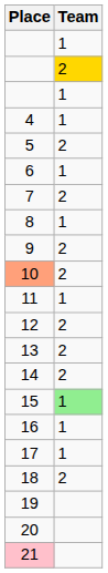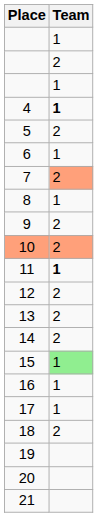 <table class="wikitable">
 <tr>
 <th>Place</th>
 <th>Team</th>
 </tr>
 <tr>
 <td align=center></td>
 <td> 1</td>
 </tr>
 <tr>
 <td align=center></td>
-<td style="background: gold;"> 2</td>
+<td> 2</td>
 </tr>
 <tr>
 <td align=center></td>
 <td> 1</td>
 </tr>
 <tr>
 <td align=center>4</td>
-<td> 1</td>
+<td><strong> 1</strong></td>
 </tr>
 <tr>
 <td align=center>5</td>
 <td> 2</td>
 </tr>
 <tr>
 <td align=center>6</td>
 <td> 1</td>
 </tr>
 <tr>
 <td align=center>7</td>
-<td> 2</td>
+<td style="background: lightsalmon;"> 2</td>
 </tr>
 <tr>
 <td align=center>8</td>
 <td> 1</td>
 </tr>
 <tr>
 <td align=center>9</td>
 <td> 2</td>
 </tr>
 <tr>
 <td align=center style="background: lightsalmon;">10</td>
-<td> 2</td>
+<td style="background: lightsalmon;"> 2</td>
 </tr>
 <tr>
 <td align=center>11</td>
-<td> 1</td>
+<td><strong> 1</strong></td>
 </tr>
 <tr>
 <td align=center>12</td>
 <td> 2</td>
 </tr>
 <tr>
 <td align=center>13</td>
 <td> 2</td>
 </tr>
 <tr>
 <td align=center>14</td>
 <td> 2</td>
 </tr>
 <tr>
 <td align=center>15</td>
 <td style="background: lightgreen;"> 1</td>
 </tr>
 <tr>
 <td align=center>16</td>
 <td> 1</td>
 </tr>
 <tr>
 <td align=center>17</td>
 <td> 1</td>
 </tr>
 <tr>
 <td align=center>18</td>
 <td> 2</td>
 </tr>
 <tr>
 <td align=center>19</td>
 <td></td>
 </tr>
 <tr>
 <td align=center>20</td>
 <td></td>
 </tr>
 <tr>
-<td align=center style="background: pink;">21</td>
+<td align=center>21</td>
 <td></td>
 </tr>
 </table>
